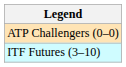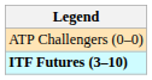 <table class=wikitable>
 <tr>
 <th>Legend</th>
 </tr>
 <tr style="background:moccasin;">
 <td>ATP Challengers (0–0)</td>
 </tr>
 <tr style="background:#cffcff;">
-<td>ITF Futures (3–10)</td>
+<td><strong>ITF Futures (3–10)</strong></td>
 </tr>
 </table>
